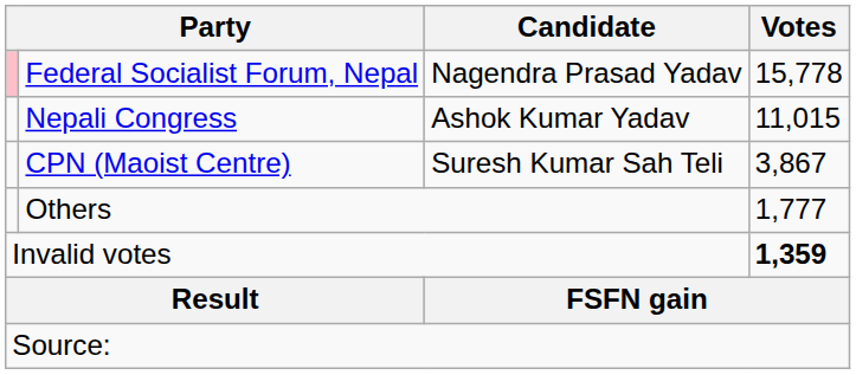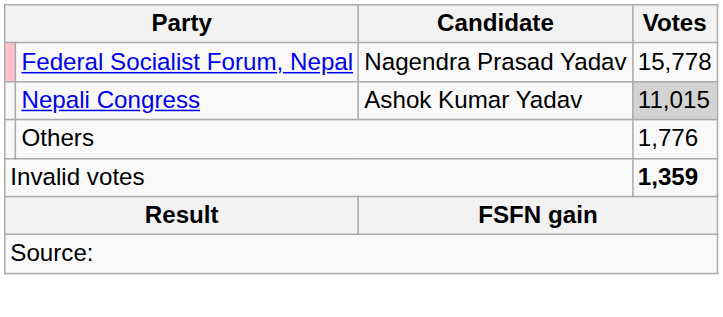 <table class="wikitable">
 <tr>
 <th colspan="2">Party</th>
 <th>Candidate</th>
 <th>Votes</th>
 </tr>
 <tr>
 <td style="background-color:pink"></td>
 <td><a href='#'>Federal Socialist Forum, Nepal</a></td>
 <td>Nagendra Prasad Yadav</td>
 <td>15,778</td>
 </tr>
 <tr>
 <td style="background-color:"></td>
 <td><a href='#'>Nepali Congress</a></td>
 <td>Ashok Kumar Yadav</td>
-<td>11,015</td>
-</tr>
-<tr>
-<td style="background-color:"></td>
-<td><a href='#'>CPN (Maoist Centre)</a></td>
-<td>Suresh Kumar Sah Teli</td>
-<td>3,867</td>
+<td style="background: lightgrey;">11,015</td>
 </tr>
 <tr>
 <td></td>
 <td colspan="2">Others</td>
-<td>1,777</td>
+<td>1,776</td>
 </tr>
 <tr>
 <td colspan="3">Invalid votes</td>
 <td><strong>1,359</strong></td>
 </tr>
 <tr>
 <th colspan="2">Result</th>
 <th colspan="2">FSFN gain</th>
 </tr>
 <tr>
 <td colspan="4">Source: </td>
 </tr>
 </table>
